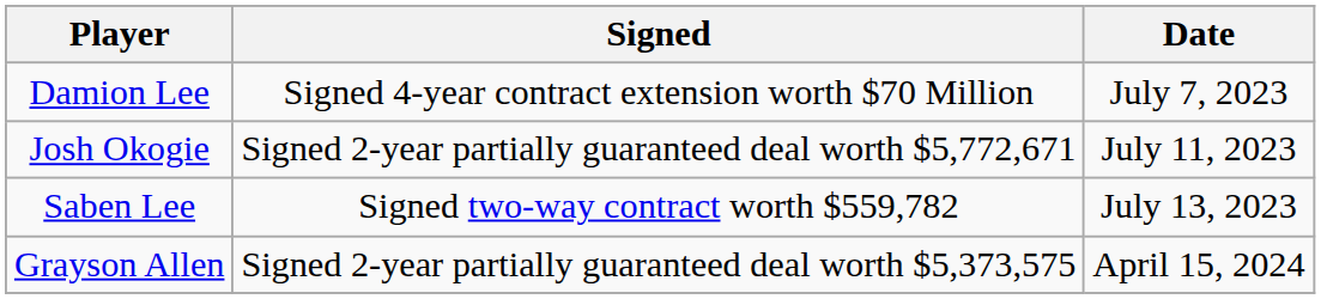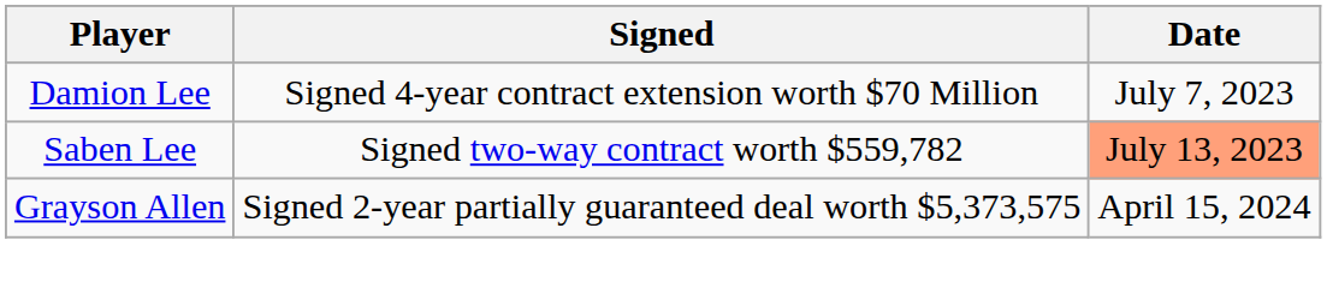 <table class="wikitable sortable sortable">
 <tr>
 <th>Player</th>
 <th>Signed</th>
 <th>Date</th>
 </tr>
 <tr style="text-align: center">
 <td><a href='#'>Damion Lee</a></td>
 <td>Signed 4-year contract extension worth $70 Million</td>
 <td>July 7, 2023</td>
 </tr>
 <tr style="text-align: center">
-<td><a href='#'>Josh Okogie</a></td>
-<td>Signed 2-year partially guaranteed deal worth $5,772,671</td>
-<td>July 11, 2023</td>
-</tr>
-<tr style="text-align: center">
 <td><a href='#'>Saben Lee</a></td>
 <td>Signed <a href='#'>two-way contract</a> worth $559,782</td>
-<td>July 13, 2023</td>
+<td style="background: lightsalmon;">July 13, 2023</td>
 </tr>
 <tr style="text-align: center">
 <td><a href='#'>Grayson Allen</a></td>
 <td>Signed 2-year partially guaranteed deal worth $5,373,575</td>
 <td>April 15, 2024</td>
 </tr>
 </table>
